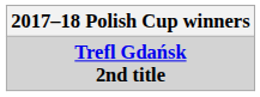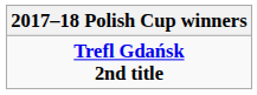 <table class=wikitable style="text-align:center; margin:auto">
 <tr>
 <th>2017–18 Polish Cup winners</th>
 </tr>
 <tr>
-<td style="background: lightgrey;"><strong><a href='#'>Trefl Gdańsk</a></strong><br><strong>2nd title</strong></td>
+<td><strong><a href='#'>Trefl Gdańsk</a></strong><br><strong>2nd title</strong></td>
 </tr>
 </table>
